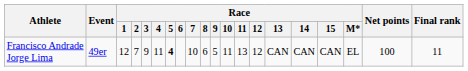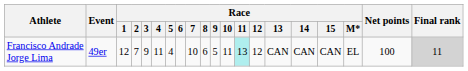 <table class="wikitable" style="font-size:90%">
 <tr>
 <th rowspan=2>Athlete</th>
 <th rowspan=2>Event</th>
 <th colspan=16>Race</th>
 <th rowspan=2>Net points</th>
 <th rowspan=2>Final rank</th>
 </tr>
 <tr style="font-size:95%">
 <th>1</th>
 <th>2</th>
 <th>3</th>
 <th>4</th>
 <th>5</th>
 <th>6</th>
 <th>7</th>
 <th>8</th>
 <th>9</th>
 <th>10</th>
 <th>11</th>
 <th>12</th>
 <th>13</th>
 <th>14</th>
 <th>15</th>
 <th>M*</th>
 </tr>
 <tr align=center>
 <td align=left><a href='#'>Francisco Andrade</a><br><a href='#'>Jorge Lima</a></td>
 <td align=left><a href='#'>49er</a></td>
 <td>12</td>
 <td>7</td>
 <td>9</td>
 <td>11</td>
-<td><strong>4</strong></td>
+<td>4</td>
 <td><s></s></td>
 <td>10</td>
 <td>6</td>
 <td>5</td>
 <td>11</td>
-<td>13</td>
+<td style="background: paleturquoise;">13</td>
 <td>12</td>
 <td>CAN</td>
 <td>CAN</td>
 <td>CAN</td>
 <td>EL</td>
 <td>100</td>
-<td>11</td>
+<td style="background: lightgrey;">11</td>
 </tr>
 </table>
